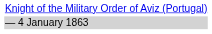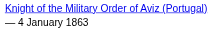 <table>
 <tr>
 <td rowspan=2 style="width:60px; vertical-align:top;"></td>
 <td><a href='#'>Knight of the Military Order of Aviz (Portugal)</a></td>
 </tr>
 <tr>
-<td style="background: lightgrey;">— 4 January 1863</td>
+<td>— 4 January 1863</td>
 </tr>
 </table>
